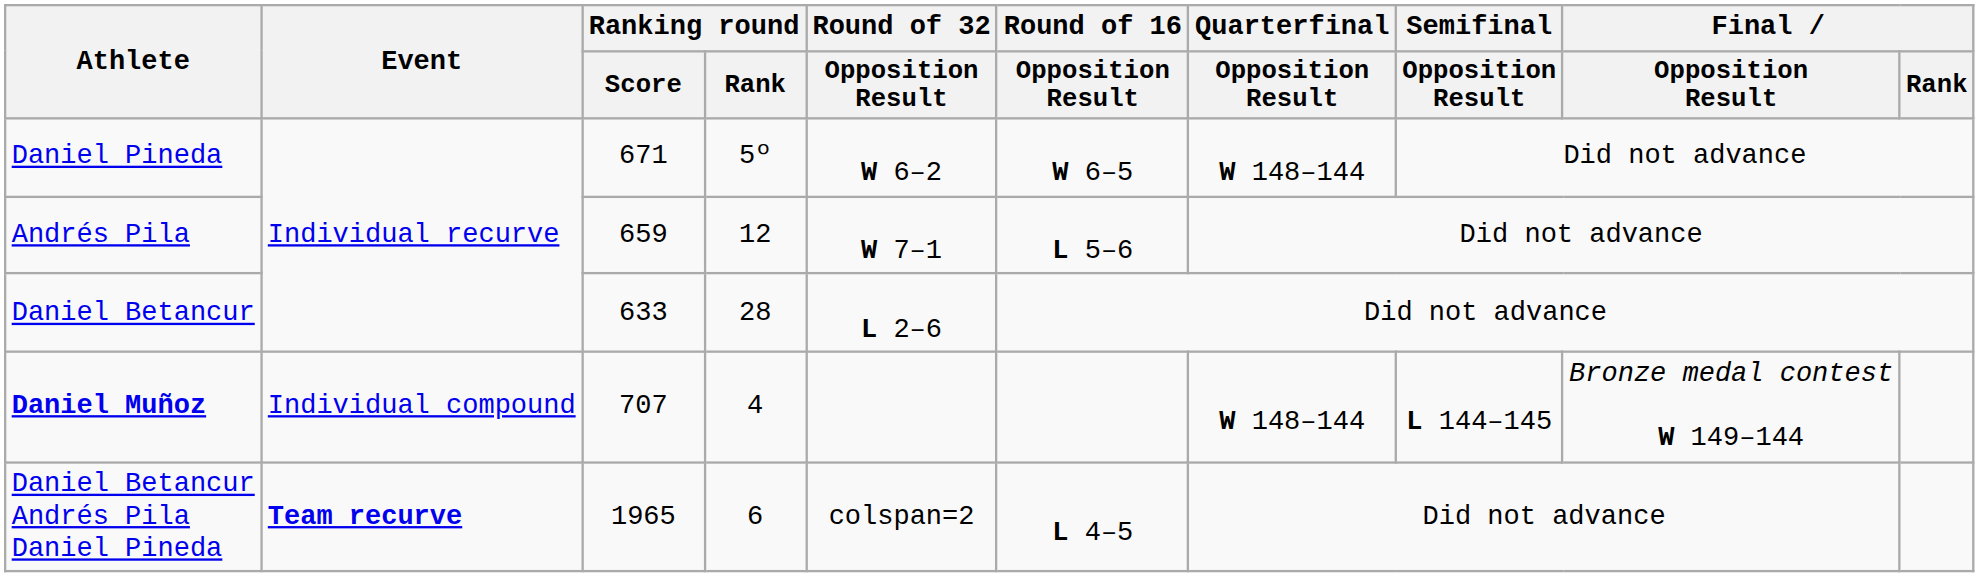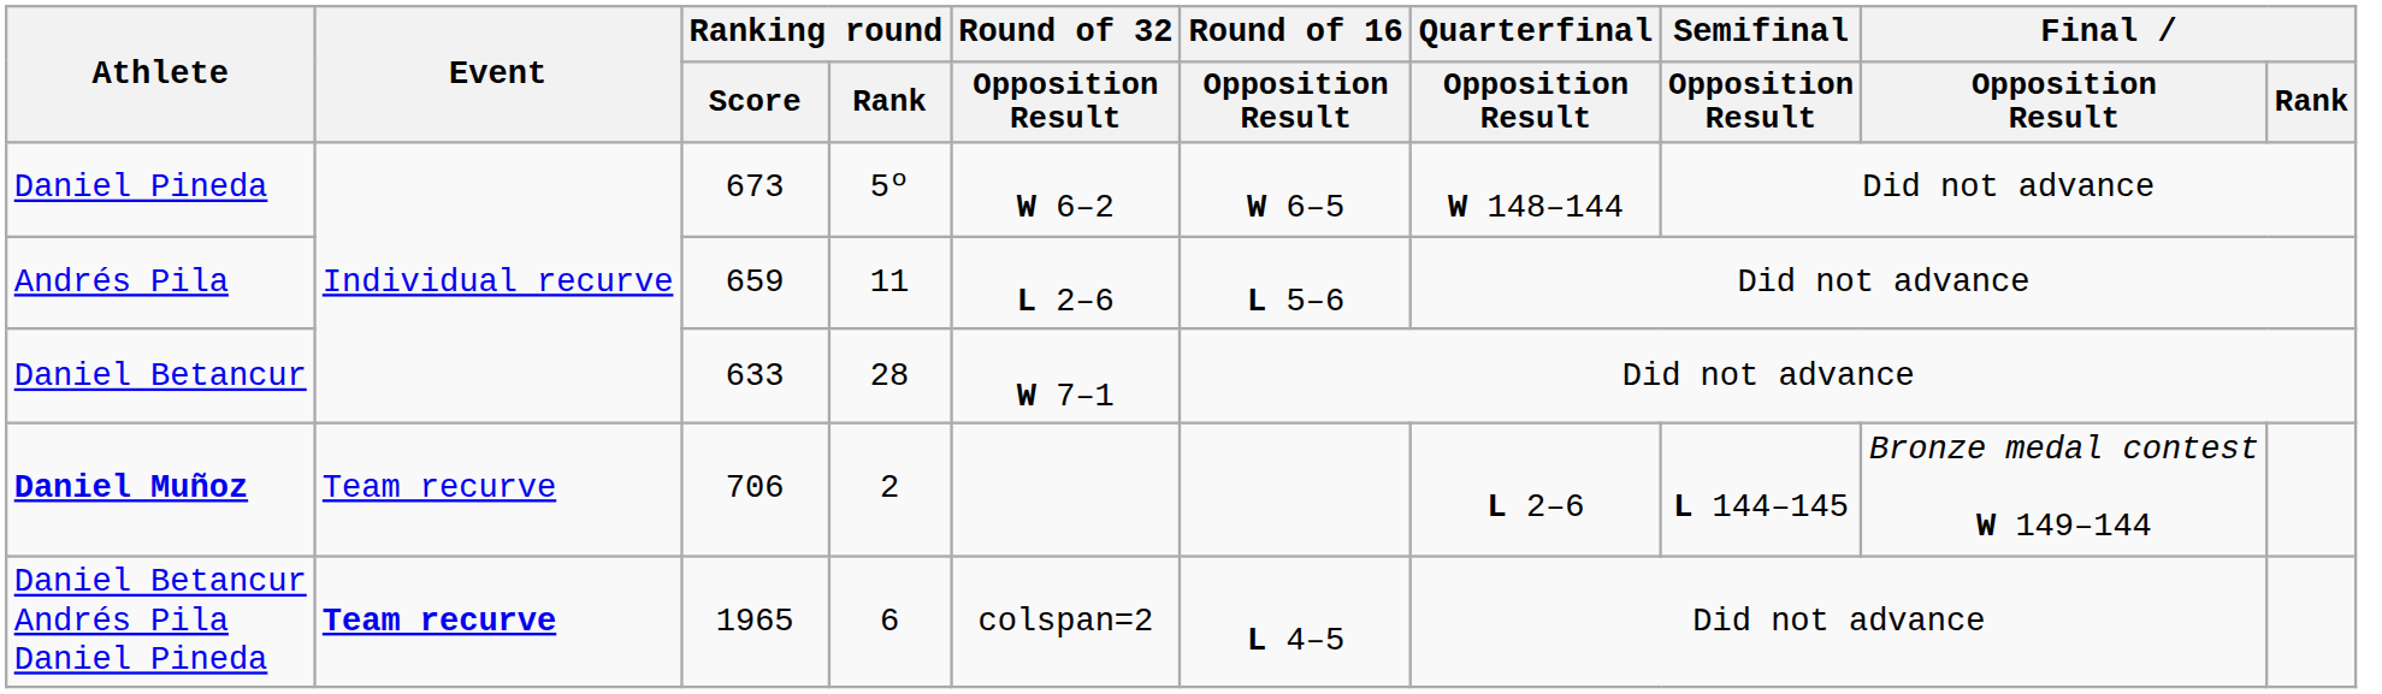 <table class=wikitable style=font-size:90%;text-align:center>
 <tr>
 <th rowspan=2>Athlete</th>
 <th rowspan=2>Event</th>
 <th colspan=2>Ranking round</th>
 <th>Round of 32</th>
 <th>Round of 16</th>
 <th>Quarterfinal</th>
 <th>Semifinal</th>
 <th colspan=2>Final / </th>
 </tr>
 <tr style=font-size:95%>
 <th>Score</th>
 <th>Rank</th>
 <th>Opposition<br>Result</th>
 <th>Opposition<br>Result</th>
 <th>Opposition<br>Result</th>
 <th>Opposition<br>Result</th>
 <th>Opposition<br>Result</th>
 <th>Rank</th>
 </tr>
 <tr>
 <td align=left><a href='#'>Daniel Pineda</a></td>
 <td align=left rowspan=3><a href='#'>Individual recurve</a></td>
-<td>671</td>
+<td>673</td>
 <td>5º</td>
 <td><br><strong>W</strong> 6–2</td>
 <td><br><strong>W</strong> 6–5</td>
 <td><br><strong>W</strong> 148–144</td>
 <td colspan=3>Did not advance</td>
 </tr>
 <tr align=center>
 <td align=left><a href='#'>Andrés Pila</a></td>
 <td>659</td>
-<td>12</td>
-<td><br><strong>W</strong> 7–1</td>
+<td>11</td>
+<td><br><strong>L</strong> 2–6</td>
 <td><br><strong>L</strong> 5–6</td>
 <td colspan=4>Did not advance</td>
 </tr>
 <tr align=center>
 <td align=left><a href='#'>Daniel Betancur</a></td>
 <td>633</td>
 <td>28</td>
-<td><br><strong>L</strong> 2–6</td>
+<td><br><strong>W</strong> 7–1</td>
 <td colspan=5>Did not advance</td>
 </tr>
 <tr align=center>
 <td align=left><strong><a href='#'>Daniel Muñoz</a></strong></td>
-<td align=left><a href='#'>Individual compound</a></td>
-<td>707</td>
-<td>4</td>
+<td align=left><a href='#'>Team recurve</a></td>
+<td>706</td>
+<td>2</td>
 <td></td>
 <td></td>
-<td><br><strong>W</strong> 148–144</td>
+<td><br><strong>L</strong> 2–6</td>
 <td><br><strong>L</strong> 144–145</td>
 <td><em>Bronze medal contest</em><br><br><strong>W</strong> 149–144</td>
 <td></td>
 </tr>
 <tr align=center>
 <td align=left><a href='#'>Daniel Betancur</a><br><a href='#'>Andrés Pila</a><br><a href='#'>Daniel Pineda</a></td>
 <td align=left><strong><a href='#'>Team recurve</a></strong></td>
 <td>1965</td>
 <td>6</td>
 <td>colspan=2 </td>
 <td><br><strong>L</strong> 4–5</td>
 <td colspan=3>Did not advance</td>
 </tr>
 </table>
